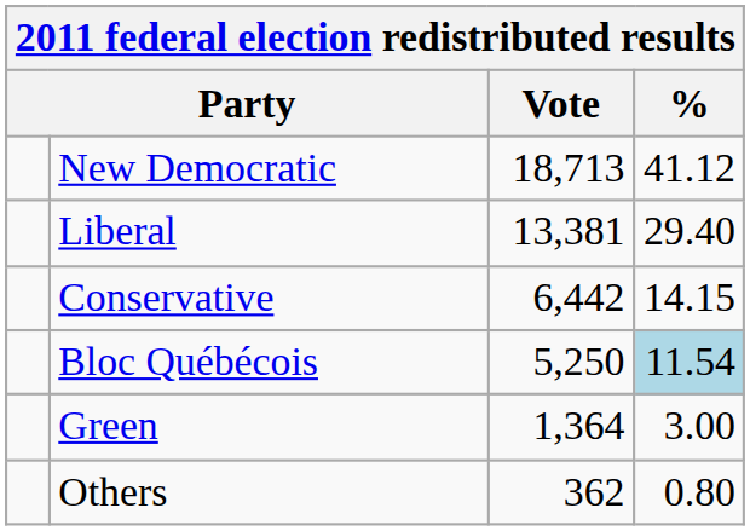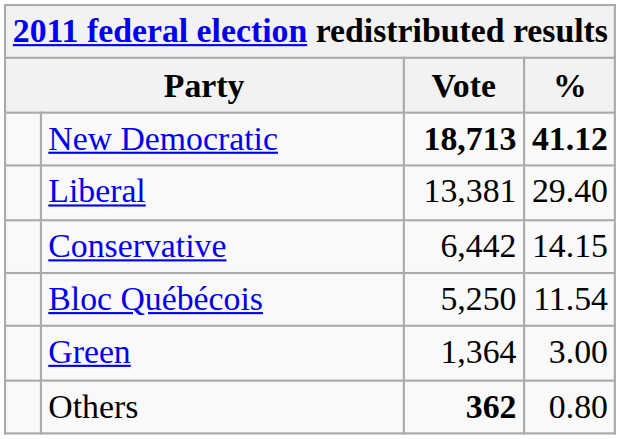 <table class="wikitable">
 <tr>
 <th colspan="4"><a href='#'>2011 federal election</a> redistributed results</th>
 </tr>
 <tr>
 <th bgcolor="#DDDDFF" width="130px" colspan="2">Party</th>
 <th bgcolor="#DDDDFF" width="50px">Vote</th>
 <th bgcolor="#DDDDFF" width="30px">%</th>
 </tr>
 <tr>
 <td> </td>
 <td><a href='#'>New Democratic</a></td>
-<td align=right>18,713</td>
-<td align=right>41.12</td>
+<td align=right><strong>18,713</strong></td>
+<td align=right><strong>41.12</strong></td>
 </tr>
 <tr>
 <td> </td>
 <td><a href='#'>Liberal</a></td>
 <td align=right>13,381</td>
 <td align=right>29.40</td>
 </tr>
 <tr>
 <td> </td>
 <td><a href='#'>Conservative</a></td>
 <td align=right>6,442</td>
 <td align=right>14.15</td>
 </tr>
 <tr>
 <td> </td>
 <td><a href='#'>Bloc Québécois</a></td>
 <td align=right>5,250</td>
-<td align=right style="background: lightblue;">11.54</td>
+<td align=right>11.54</td>
 </tr>
 <tr>
 <td> </td>
 <td><a href='#'>Green</a></td>
 <td align=right>1,364</td>
 <td align=right>3.00</td>
 </tr>
 <tr>
 <td> </td>
 <td>Others</td>
-<td align=right>362</td>
+<td align=right><strong>362</strong></td>
 <td align=right>0.80</td>
 </tr>
 </table>
